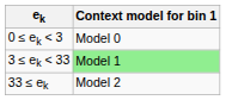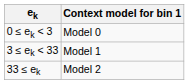 <table class="wikitable floatright">
 <tr>
 <th>e<sub>k</sub></th>
 <th>Context model for bin 1</th>
 </tr>
 <tr>
 <td>0 ≤ e<sub>k</sub> < 3</td>
 <td>Model 0</td>
 </tr>
 <tr>
 <td>3 ≤ e<sub>k</sub> < 33</td>
-<td style="background: lightgreen;">Model 1</td>
+<td>Model 1</td>
 </tr>
 <tr>
 <td>33 ≤ e<sub>k</sub></td>
 <td>Model 2</td>
 </tr>
 </table>
